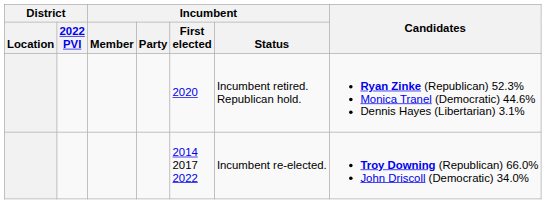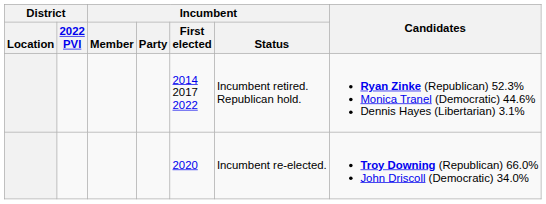 <table class="wikitable sortable">
 <tr>
 <th colspan=2>District</th>
 <th colspan=4>Incumbent</th>
 <th rowspan=2 class="unsortable">Candidates</th>
 </tr>
 <tr valign=bottom>
 <th>Location</th>
 <th><a href='#'>2022<br>PVI</a></th>
 <th>Member</th>
 <th>Party</th>
 <th>First<br>elected</th>
 <th>Status</th>
 </tr>
 <tr>
 <th></th>
 <td></td>
 <td></td>
 <td></td>
-<td><a href='#'>2020</a></td>
+<td><a href='#'>2014</a><br>2017 <br><a href='#'>2022</a></td>
 <td>Incumbent retired.<br>Republican hold.</td>
 <td nowrap><br><ul><li> <strong><a href='#'>Ryan Zinke</a></strong> (Republican) 52.3%</li><li><a href='#'>Monica Tranel</a> (Democratic) 44.6%</li><li>Dennis Hayes (Libertarian) 3.1%</li></ul></td>
 </tr>
 <tr>
 <th></th>
 <td></td>
 <td></td>
 <td></td>
-<td><a href='#'>2014</a><br>2017 <br><a href='#'>2022</a></td>
+<td><a href='#'>2020</a></td>
 <td>Incumbent re-elected.</td>
 <td nowrap><br><ul><li> <strong><a href='#'>Troy Downing</a></strong> (Republican) 66.0%</li><li><a href='#'>John Driscoll</a> (Democratic) 34.0%</li></ul></td>
 </tr>
 </table>
